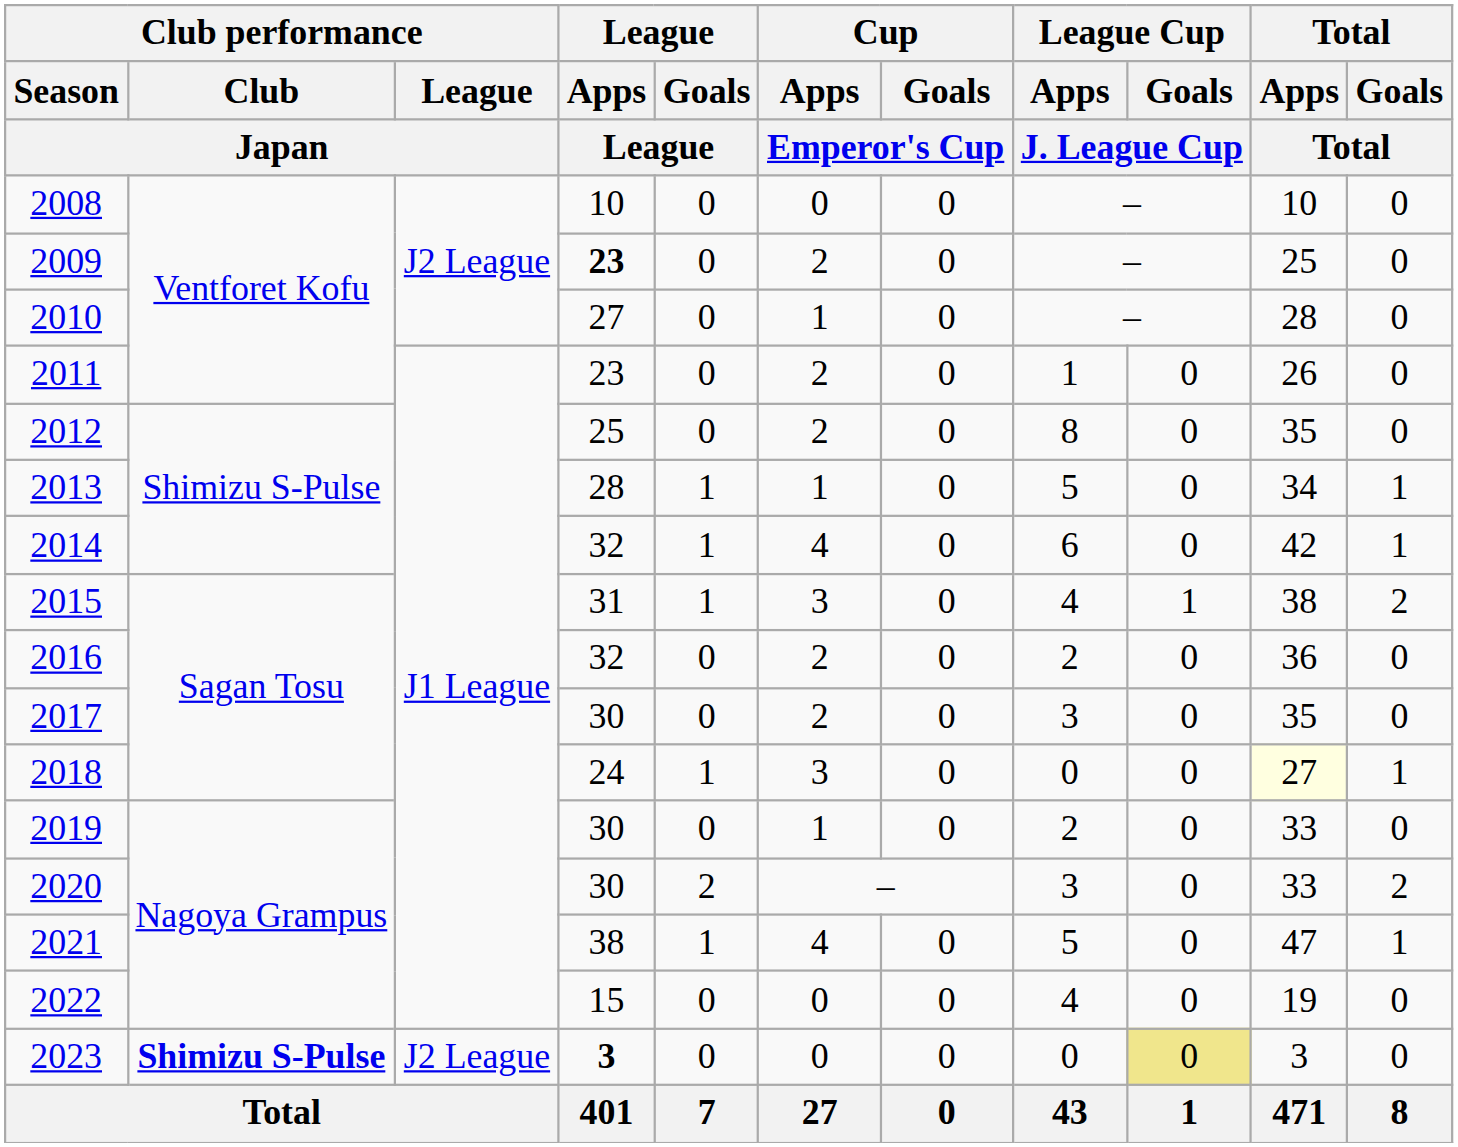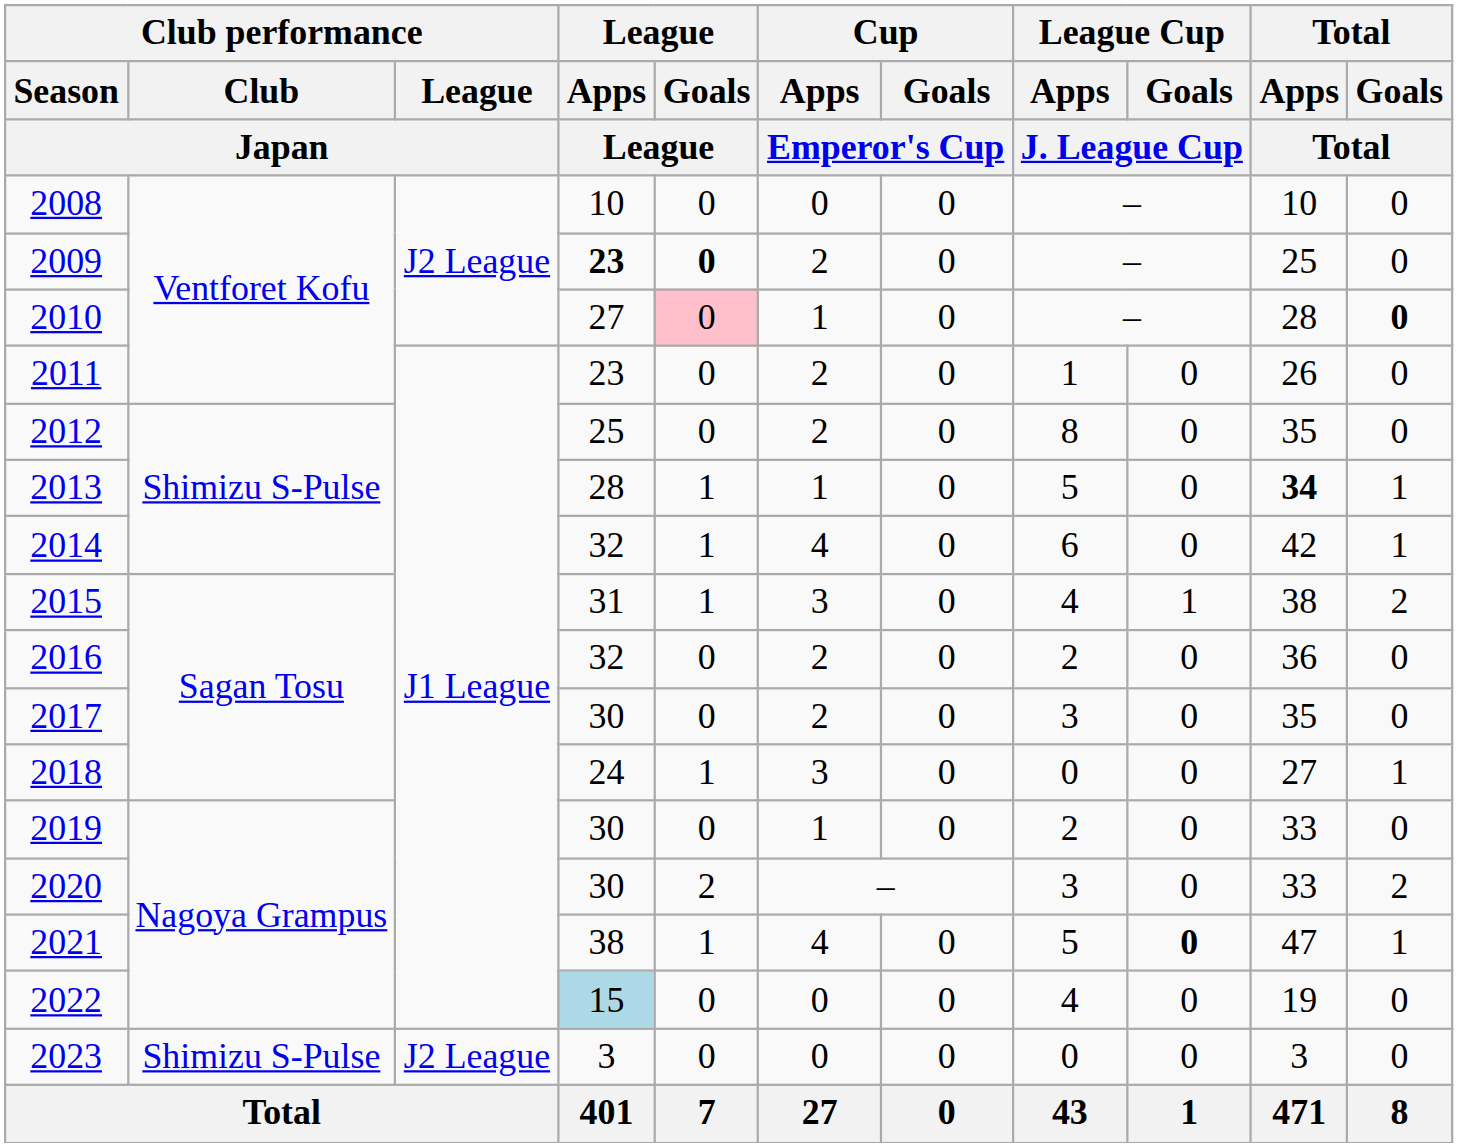 <table class="wikitable" style="text-align:center;">
 <tr>
 <th colspan=3>Club performance</th>
 <th colspan=2>League</th>
 <th colspan=2>Cup</th>
 <th colspan=2>League Cup</th>
 <th colspan=2>Total</th>
 </tr>
 <tr>
 <th>Season</th>
 <th>Club</th>
 <th>League</th>
 <th>Apps</th>
 <th>Goals</th>
 <th>Apps</th>
 <th>Goals</th>
 <th>Apps</th>
 <th>Goals</th>
 <th>Apps</th>
 <th>Goals</th>
 </tr>
 <tr>
 <th colspan=3>Japan</th>
 <th colspan=2>League</th>
 <th colspan=2><a href='#'>Emperor's Cup</a></th>
 <th colspan=2><a href='#'>J. League Cup</a></th>
 <th colspan=2>Total</th>
 </tr>
 <tr>
 <td><a href='#'>2008</a></td>
 <td rowspan="4"><a href='#'>Ventforet Kofu</a></td>
 <td rowspan="3"><a href='#'>J2 League</a></td>
 <td>10</td>
 <td>0</td>
 <td>0</td>
 <td>0</td>
 <td colspan="2">–</td>
 <td>10</td>
 <td>0</td>
 </tr>
 <tr>
 <td><a href='#'>2009</a></td>
 <td><strong>23</strong></td>
-<td>0</td>
+<td><strong>0</strong></td>
 <td>2</td>
 <td>0</td>
 <td colspan="2">–</td>
 <td>25</td>
 <td>0</td>
 </tr>
 <tr>
 <td><a href='#'>2010</a></td>
 <td>27</td>
-<td>0</td>
+<td style="background: pink;">0</td>
 <td>1</td>
 <td>0</td>
 <td colspan="2">–</td>
 <td>28</td>
-<td>0</td>
+<td><strong>0</strong></td>
 </tr>
 <tr>
 <td><a href='#'>2011</a></td>
 <td rowspan="12"><a href='#'>J1 League</a></td>
 <td>23</td>
 <td>0</td>
 <td>2</td>
 <td>0</td>
 <td>1</td>
 <td>0</td>
 <td>26</td>
 <td>0</td>
 </tr>
 <tr>
 <td><a href='#'>2012</a></td>
 <td rowspan="3"><a href='#'>Shimizu S-Pulse</a></td>
 <td>25</td>
 <td>0</td>
 <td>2</td>
 <td>0</td>
 <td>8</td>
 <td>0</td>
 <td>35</td>
 <td>0</td>
 </tr>
 <tr>
 <td><a href='#'>2013</a></td>
 <td>28</td>
 <td>1</td>
 <td>1</td>
 <td>0</td>
 <td>5</td>
 <td>0</td>
-<td>34</td>
+<td><strong>34</strong></td>
 <td>1</td>
 </tr>
 <tr>
 <td><a href='#'>2014</a></td>
 <td>32</td>
 <td>1</td>
 <td>4</td>
 <td>0</td>
 <td>6</td>
 <td>0</td>
 <td>42</td>
 <td>1</td>
 </tr>
 <tr>
 <td><a href='#'>2015</a></td>
 <td rowspan="4"><a href='#'>Sagan Tosu</a></td>
 <td>31</td>
 <td>1</td>
 <td>3</td>
 <td>0</td>
 <td>4</td>
 <td>1</td>
 <td>38</td>
 <td>2</td>
 </tr>
 <tr>
 <td><a href='#'>2016</a></td>
 <td>32</td>
 <td>0</td>
 <td>2</td>
 <td>0</td>
 <td>2</td>
 <td>0</td>
 <td>36</td>
 <td>0</td>
 </tr>
 <tr>
 <td><a href='#'>2017</a></td>
 <td>30</td>
 <td>0</td>
 <td>2</td>
 <td>0</td>
 <td>3</td>
 <td>0</td>
 <td>35</td>
 <td>0</td>
 </tr>
 <tr>
 <td><a href='#'>2018</a></td>
 <td>24</td>
 <td>1</td>
 <td>3</td>
 <td>0</td>
 <td>0</td>
 <td>0</td>
-<td style="background: lightyellow;">27</td>
+<td>27</td>
 <td>1</td>
 </tr>
 <tr>
 <td><a href='#'>2019</a></td>
 <td rowspan="4"><a href='#'>Nagoya Grampus</a></td>
 <td>30</td>
 <td>0</td>
 <td>1</td>
 <td>0</td>
 <td>2</td>
 <td>0</td>
 <td>33</td>
 <td>0</td>
 </tr>
 <tr>
 <td><a href='#'>2020</a></td>
 <td>30</td>
 <td>2</td>
 <td colspan="2">–</td>
 <td>3</td>
 <td>0</td>
 <td>33</td>
 <td>2</td>
 </tr>
 <tr>
 <td><a href='#'>2021</a></td>
 <td>38</td>
 <td>1</td>
 <td>4</td>
 <td>0</td>
 <td>5</td>
-<td>0</td>
+<td><strong>0</strong></td>
 <td>47</td>
 <td>1</td>
 </tr>
 <tr>
 <td><a href='#'>2022</a></td>
-<td>15</td>
+<td style="background: lightblue;">15</td>
 <td>0</td>
 <td>0</td>
 <td>0</td>
 <td>4</td>
 <td>0</td>
 <td>19</td>
 <td>0</td>
 </tr>
 <tr>
 <td><a href='#'>2023</a></td>
-<td><strong><a href='#'>Shimizu S-Pulse</a></strong></td>
+<td><a href='#'>Shimizu S-Pulse</a></td>
 <td><a href='#'>J2 League</a></td>
-<td><strong>3</strong></td>
+<td>3</td>
 <td>0</td>
 <td>0</td>
 <td>0</td>
 <td>0</td>
-<td style="background: khaki;">0</td>
+<td>0</td>
 <td>3</td>
 <td>0</td>
 </tr>
 <tr>
 <th colspan="3">Total</th>
 <th>401</th>
 <th>7</th>
 <th>27</th>
 <th>0</th>
 <th>43</th>
 <th>1</th>
 <th>471</th>
 <th>8</th>
 </tr>
 </table>
